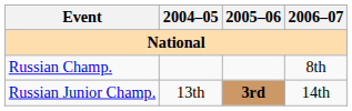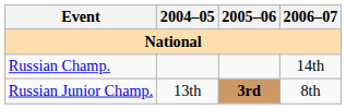 <table class="wikitable" style="text-align:center">
 <tr>
 <th>Event</th>
 <th>2004–05</th>
 <th>2005–06</th>
 <th>2006–07</th>
 </tr>
 <tr>
 <th colspan="4" style="background-color: #ffdead; " align="center"><strong>National</strong></th>
 </tr>
 <tr>
 <td align="left"><a href='#'>Russian Champ.</a></td>
 <td></td>
 <td></td>
-<td>8th</td>
+<td>14th</td>
 </tr>
 <tr>
 <td align="left"><a href='#'>Russian Junior Champ.</a></td>
 <td>13th</td>
 <td bgcolor="cc9966"><strong>3rd</strong></td>
-<td>14th</td>
+<td>8th</td>
 </tr>
 </table>
